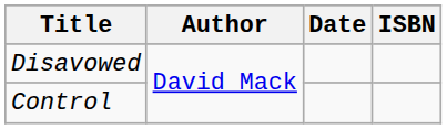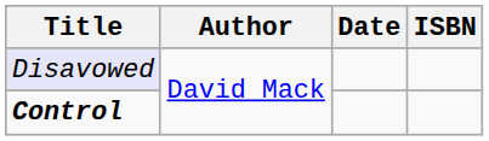 <table class="wikitable">
 <tr>
 <th>Title</th>
 <th>Author</th>
 <th>Date</th>
 <th>ISBN</th>
 </tr>
 <tr>
-<td><em>Disavowed</em></td>
+<td style="background: lavender;"><em>Disavowed</em></td>
 <td rowspan="2"><a href='#'>David Mack</a></td>
 <td></td>
 <td></td>
 </tr>
 <tr>
-<td><em>Control</em></td>
+<td><strong><em>Control</em></strong></td>
 <td></td>
 <td></td>
 </tr>
 </table>
